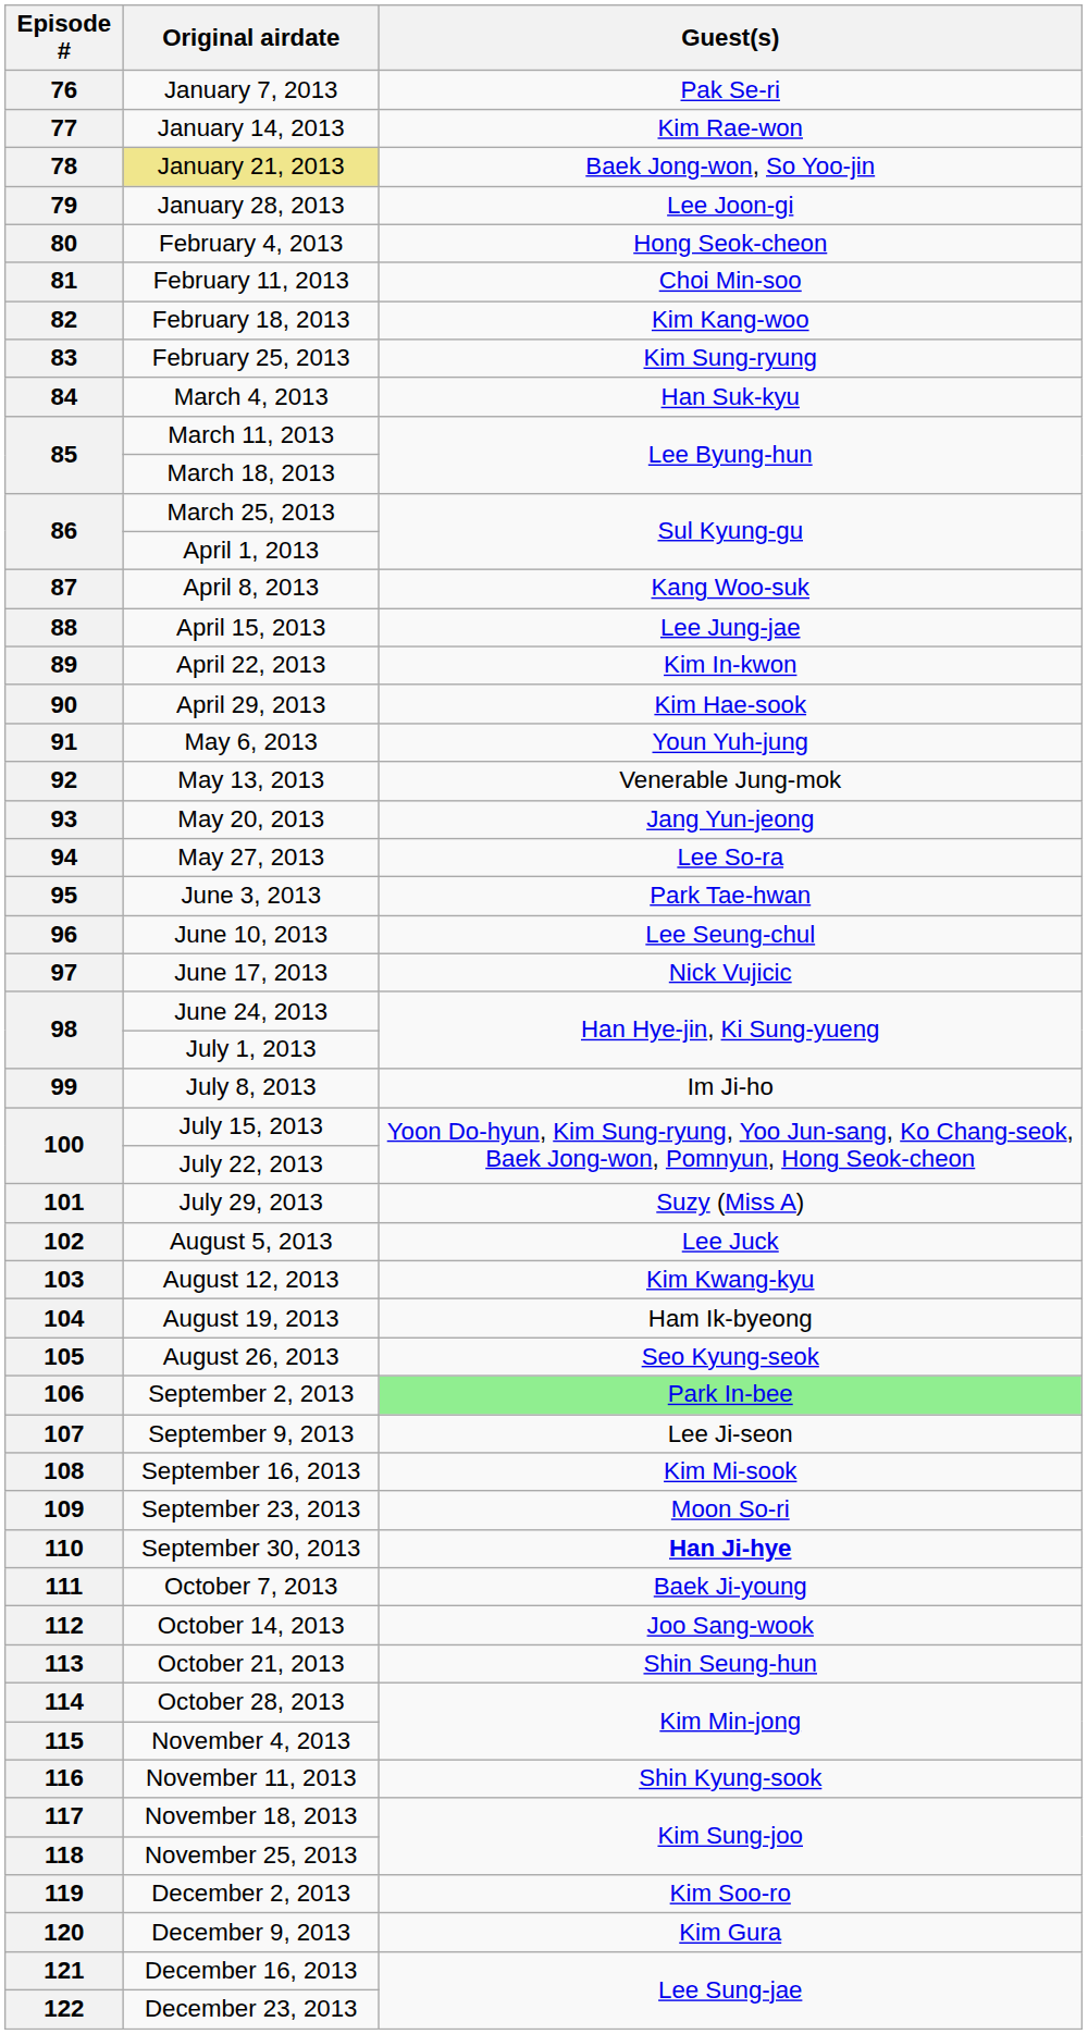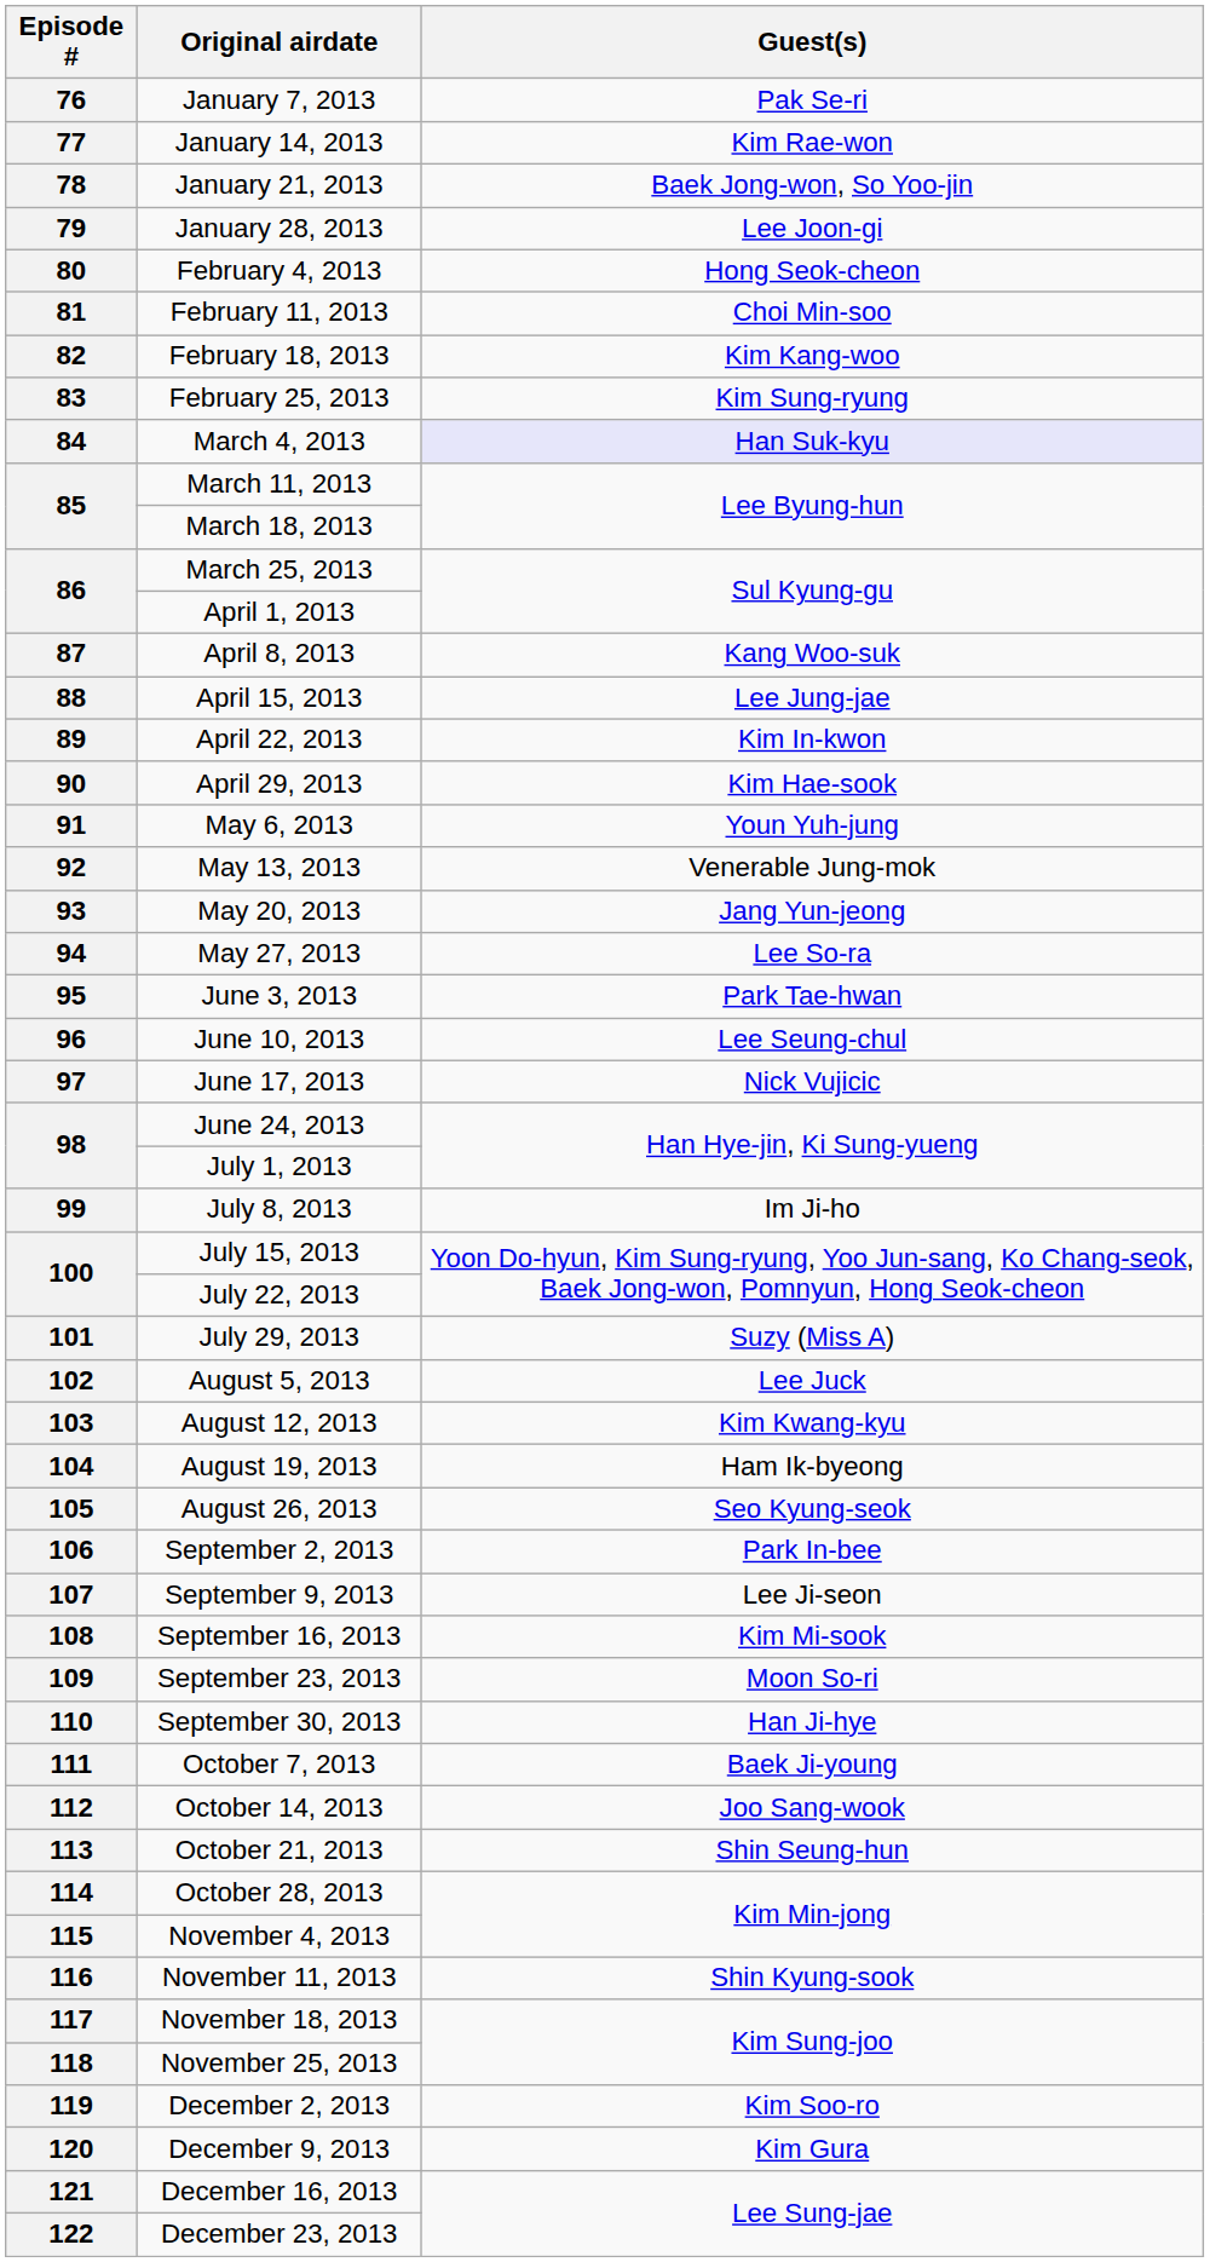 <table class="wikitable" style="font-size:100%; text-align:center; width:45%;">
 <tr>
 <th width="1%">Episode #</th>
 <th width="10%">Original airdate</th>
 <th width="30%">Guest(s)</th>
 </tr>
 <tr>
 <th>76</th>
 <td>January 7, 2013</td>
 <td><a href='#'>Pak Se-ri</a></td>
 </tr>
 <tr>
 <th>77</th>
 <td>January 14, 2013</td>
 <td><a href='#'>Kim Rae-won</a></td>
 </tr>
 <tr>
 <th>78</th>
-<td style="background: khaki;">January 21, 2013</td>
+<td>January 21, 2013</td>
 <td><a href='#'>Baek Jong-won</a>, <a href='#'>So Yoo-jin</a></td>
 </tr>
 <tr>
 <th>79</th>
 <td>January 28, 2013</td>
 <td><a href='#'>Lee Joon-gi</a></td>
 </tr>
 <tr>
 <th>80</th>
 <td>February 4, 2013</td>
 <td><a href='#'>Hong Seok-cheon</a></td>
 </tr>
 <tr>
 <th>81</th>
 <td>February 11, 2013</td>
 <td><a href='#'>Choi Min-soo</a></td>
 </tr>
 <tr>
 <th>82</th>
 <td>February 18, 2013</td>
 <td><a href='#'>Kim Kang-woo</a></td>
 </tr>
 <tr>
 <th>83</th>
 <td>February 25, 2013</td>
 <td><a href='#'>Kim Sung-ryung</a></td>
 </tr>
 <tr>
 <th>84</th>
 <td>March 4, 2013</td>
-<td><a href='#'>Han Suk-kyu</a></td>
+<td style="background: lavender;"><a href='#'>Han Suk-kyu</a></td>
 </tr>
 <tr>
 <th rowspan="2">85</th>
 <td>March 11, 2013</td>
 <td rowspan="2"><a href='#'>Lee Byung-hun</a></td>
 </tr>
 <tr>
 <td>March 18, 2013</td>
 </tr>
 <tr>
 <th rowspan="2">86</th>
 <td>March 25, 2013</td>
 <td rowspan="2"><a href='#'>Sul Kyung-gu</a></td>
 </tr>
 <tr>
 <td>April 1, 2013</td>
 </tr>
 <tr>
 <th>87</th>
 <td>April 8, 2013</td>
 <td><a href='#'>Kang Woo-suk</a></td>
 </tr>
 <tr>
 <th>88</th>
 <td>April 15, 2013</td>
 <td><a href='#'>Lee Jung-jae</a></td>
 </tr>
 <tr>
 <th>89</th>
 <td>April 22, 2013</td>
 <td><a href='#'>Kim In-kwon</a></td>
 </tr>
 <tr>
 <th>90</th>
 <td>April 29, 2013</td>
 <td><a href='#'>Kim Hae-sook</a></td>
 </tr>
 <tr>
 <th>91</th>
 <td>May 6, 2013</td>
 <td><a href='#'>Youn Yuh-jung</a></td>
 </tr>
 <tr>
 <th>92</th>
 <td>May 13, 2013</td>
 <td>Venerable Jung-mok</td>
 </tr>
 <tr>
 <th>93</th>
 <td>May 20, 2013</td>
 <td><a href='#'>Jang Yun-jeong</a></td>
 </tr>
 <tr>
 <th>94</th>
 <td>May 27, 2013</td>
 <td><a href='#'>Lee So-ra</a></td>
 </tr>
 <tr>
 <th>95</th>
 <td>June 3, 2013</td>
 <td><a href='#'>Park Tae-hwan</a></td>
 </tr>
 <tr>
 <th>96</th>
 <td>June 10, 2013</td>
 <td><a href='#'>Lee Seung-chul</a></td>
 </tr>
 <tr>
 <th>97</th>
 <td>June 17, 2013</td>
 <td><a href='#'>Nick Vujicic</a></td>
 </tr>
 <tr>
 <th rowspan="2">98</th>
 <td>June 24, 2013</td>
 <td rowspan=2><a href='#'>Han Hye-jin</a>, <a href='#'>Ki Sung-yueng</a></td>
 </tr>
 <tr>
 <td>July 1, 2013</td>
 </tr>
 <tr>
 <th>99</th>
 <td>July 8, 2013</td>
 <td>Im Ji-ho</td>
 </tr>
 <tr>
 <th rowspan="2">100</th>
 <td>July 15, 2013</td>
 <td rowspan=2><a href='#'>Yoon Do-hyun</a>, <a href='#'>Kim Sung-ryung</a>, <a href='#'>Yoo Jun-sang</a>, <a href='#'>Ko Chang-seok</a>,<br><a href='#'>Baek Jong-won</a>, <a href='#'>Pomnyun</a>, <a href='#'>Hong Seok-cheon</a></td>
 </tr>
 <tr>
 <td>July 22, 2013</td>
 </tr>
 <tr>
 <th>101</th>
 <td>July 29, 2013</td>
 <td><a href='#'>Suzy</a> (<a href='#'>Miss A</a>)</td>
 </tr>
 <tr>
 <th>102</th>
 <td>August 5, 2013</td>
 <td><a href='#'>Lee Juck</a></td>
 </tr>
 <tr>
 <th>103</th>
 <td>August 12, 2013</td>
 <td><a href='#'>Kim Kwang-kyu</a></td>
 </tr>
 <tr>
 <th>104</th>
 <td>August 19, 2013</td>
 <td>Ham Ik-byeong</td>
 </tr>
 <tr>
 <th>105</th>
 <td>August 26, 2013</td>
 <td><a href='#'>Seo Kyung-seok</a></td>
 </tr>
 <tr>
 <th>106</th>
 <td>September 2, 2013</td>
-<td style="background: lightgreen;"><a href='#'>Park In-bee</a></td>
+<td><a href='#'>Park In-bee</a></td>
 </tr>
 <tr>
 <th>107</th>
 <td>September 9, 2013</td>
 <td>Lee Ji-seon</td>
 </tr>
 <tr>
 <th>108</th>
 <td>September 16, 2013</td>
 <td><a href='#'>Kim Mi-sook</a></td>
 </tr>
 <tr>
 <th>109</th>
 <td>September 23, 2013</td>
 <td><a href='#'>Moon So-ri</a></td>
 </tr>
 <tr>
 <th>110</th>
 <td>September 30, 2013</td>
-<td><strong><a href='#'>Han Ji-hye</a></strong></td>
+<td><a href='#'>Han Ji-hye</a></td>
 </tr>
 <tr>
 <th>111</th>
 <td>October 7, 2013</td>
 <td><a href='#'>Baek Ji-young</a></td>
 </tr>
 <tr>
 <th>112</th>
 <td>October 14, 2013</td>
 <td><a href='#'>Joo Sang-wook</a></td>
 </tr>
 <tr>
 <th>113</th>
 <td>October 21, 2013</td>
 <td><a href='#'>Shin Seung-hun</a></td>
 </tr>
 <tr>
 <th>114</th>
 <td>October 28, 2013</td>
 <td rowspan="2"><a href='#'>Kim Min-jong</a></td>
 </tr>
 <tr>
 <th>115</th>
 <td>November 4, 2013</td>
 </tr>
 <tr>
 <th>116</th>
 <td>November 11, 2013</td>
 <td><a href='#'>Shin Kyung-sook</a></td>
 </tr>
 <tr>
 <th>117</th>
 <td>November 18, 2013</td>
 <td rowspan="2"><a href='#'>Kim Sung-joo</a></td>
 </tr>
 <tr>
 <th>118</th>
 <td>November 25, 2013</td>
 </tr>
 <tr>
 <th>119</th>
 <td>December 2, 2013</td>
 <td><a href='#'>Kim Soo-ro</a></td>
 </tr>
 <tr>
 <th>120</th>
 <td>December 9, 2013</td>
 <td rowspan="2"><a href='#'>Kim Gura</a></td>
 </tr>
 <tr>
 <th rowspan="2">121</th>
 <td rowspan="2">December 16, 2013</td>
 </tr>
 <tr>
 <td rowspan="2"><a href='#'>Lee Sung-jae</a></td>
 </tr>
 <tr>
 <th>122</th>
 <td>December 23, 2013</td>
 </tr>
 </table>
